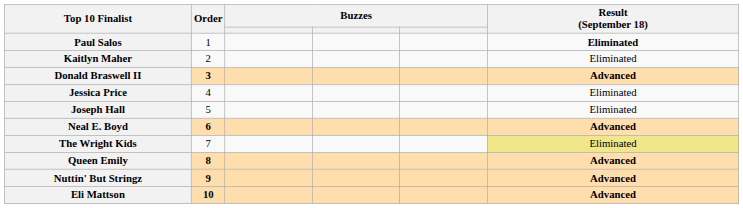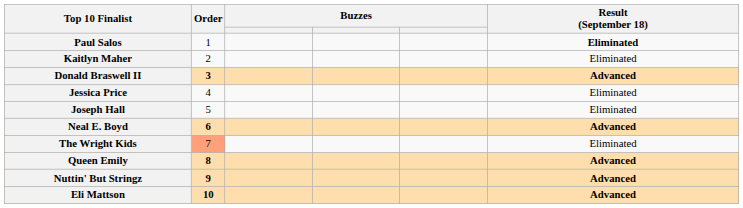 <table class="wikitable plainrowheaders sortable" style="text-align:center;">
 <tr>
 <th scope="col" rowspan="2" class="unsortable" style="width:17em;">Top 10 Finalist</th>
 <th scope="col" rowspan="2" style="width:1em;">Order</th>
 <th scope="col" colspan="3" class="unsortable" style="width:24em;">Buzzes</th>
 <th scope="col" rowspan="2" style="width:23em;">Result <br> (September 18)</th>
 </tr>
 <tr>
 <th scope="col" class="unsortable" style="width:6em;"></th>
 <th scope="col" class="unsortable" style="width:6em;"></th>
 <th scope="col" class="unsortable" style="width:6em;"></th>
 </tr>
 <tr>
 <th scope="row">Paul Salos</th>
 <td>1</td>
 <td style="text-align:center;"></td>
 <td style="text-align:center;"></td>
 <td style="text-align:center;"></td>
 <td><strong>Eliminated</strong></td>
 </tr>
 <tr>
 <th scope="row">Kaitlyn Maher</th>
 <td>2</td>
 <td style="text-align:center;"></td>
 <td style="text-align:center;"></td>
 <td style="text-align:center;"></td>
 <td>Eliminated</td>
 </tr>
 <tr style="background:NavajoWhite;">
 <th scope="row"><strong>Donald Braswell II</strong></th>
 <td><strong>3</strong></td>
 <td style="text-align:center;"></td>
 <td style="text-align:center;"></td>
 <td style="text-align:center;"></td>
 <td><strong>Advanced</strong></td>
 </tr>
 <tr>
 <th scope="row">Jessica Price</th>
 <td>4</td>
 <td style="text-align:center;"></td>
 <td style="text-align:center;"></td>
 <td style="text-align:center;"></td>
 <td>Eliminated</td>
 </tr>
 <tr>
 <th scope="row">Joseph Hall</th>
 <td>5</td>
 <td style="text-align:center;"></td>
 <td style="text-align:center;"></td>
 <td style="text-align:center;"></td>
 <td>Eliminated</td>
 </tr>
 <tr style="background:NavajoWhite;">
 <th scope="row"><strong>Neal E. Boyd</strong></th>
 <td><strong>6</strong></td>
 <td style="text-align:center;"></td>
 <td style="text-align:center;"></td>
 <td style="text-align:center;"></td>
 <td><strong>Advanced</strong></td>
 </tr>
 <tr>
 <th scope="row">The Wright Kids</th>
-<td>7</td>
+<td style="background: lightsalmon;">7</td>
 <td style="text-align:center;"></td>
 <td style="text-align:center;"></td>
 <td style="text-align:center;"></td>
-<td style="background: khaki;">Eliminated</td>
+<td>Eliminated</td>
 </tr>
 <tr style="background:NavajoWhite;">
 <th scope="row"><strong>Queen Emily</strong></th>
 <td><strong>8</strong></td>
 <td style="text-align:center;"></td>
 <td style="text-align:center;"></td>
 <td style="text-align:center;"></td>
 <td><strong>Advanced</strong></td>
 </tr>
 <tr style="background:NavajoWhite;">
 <th scope="row"><strong>Nuttin' But Stringz</strong></th>
 <td><strong>9</strong></td>
 <td style="text-align:center;"></td>
 <td style="text-align:center;"></td>
 <td style="text-align:center;"></td>
 <td><strong>Advanced</strong></td>
 </tr>
 <tr style="background:NavajoWhite;">
 <th scope="row"><strong>Eli Mattson</strong></th>
 <td><strong>10</strong></td>
 <td style="text-align:center;"></td>
 <td style="text-align:center;"></td>
 <td style="text-align:center;"></td>
 <td><strong>Advanced</strong></td>
 </tr>
 </table>
